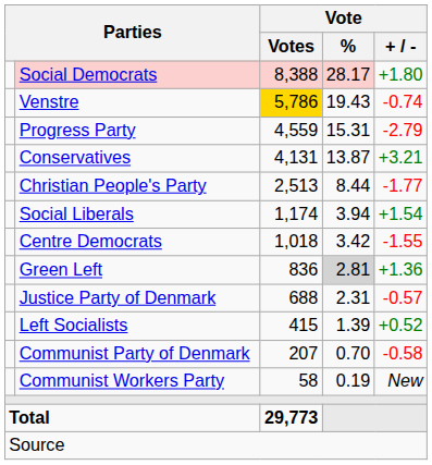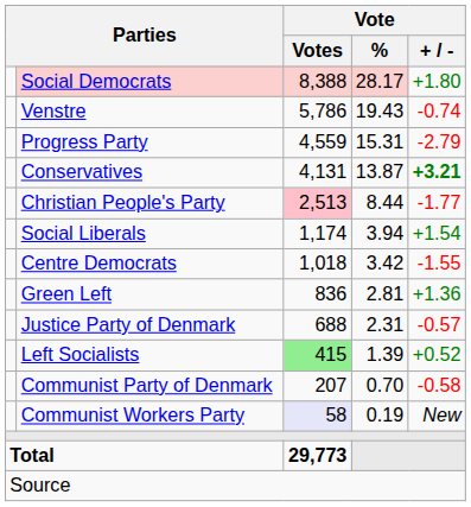 <table class="wikitable" style="text-align:right;">
 <tr>
 <th style="text-align:centre;" rowspan="2" colspan="2" width="225">Parties</th>
 <th colspan="3">Vote</th>
 </tr>
 <tr>
 <th width="15">Votes</th>
 <th width="15">%</th>
 <th width="15">+ / -</th>
 </tr>
 <tr>
 <td width="2" style="color:inherit;background:"></td>
 <td bgcolor=#fbd0ce  align="left"><a href='#'>Social Democrats</a></td>
 <td bgcolor=#fbd0ce>8,388</td>
 <td bgcolor=#fbd0ce>28.17</td>
 <td style=color:green;>+1.80</td>
 </tr>
 <tr>
 <td width="2" style="color:inherit;background:"></td>
 <td align="left"><a href='#'>Venstre</a></td>
-<td style="background: gold;">5,786</td>
+<td>5,786</td>
 <td>19.43</td>
 <td style=color:red;>-0.74</td>
 </tr>
 <tr>
 <td width="2" style="color:inherit;background:"></td>
 <td align="left"><a href='#'>Progress Party</a></td>
 <td>4,559</td>
 <td>15.31</td>
 <td style=color:red;>-2.79</td>
 </tr>
 <tr>
 <td width="2" style="color:inherit;background:"></td>
 <td align="left"><a href='#'>Conservatives</a></td>
 <td>4,131</td>
 <td>13.87</td>
-<td style=color:green;>+3.21</td>
+<td style=color:green;><strong>+3.21</strong></td>
 </tr>
 <tr>
 <td width="2" style="color:inherit;background:"></td>
 <td align="left"><a href='#'>Christian People's Party</a></td>
-<td>2,513</td>
+<td style="background: pink;">2,513</td>
 <td>8.44</td>
 <td style=color:red;>-1.77</td>
 </tr>
 <tr>
 <td width="2" style="color:inherit;background:"></td>
 <td align="left"><a href='#'>Social Liberals</a></td>
 <td>1,174</td>
 <td>3.94</td>
 <td style=color:green;>+1.54</td>
 </tr>
 <tr>
 <td width="2" style="color:inherit;background:"></td>
 <td align="left"><a href='#'>Centre Democrats</a></td>
 <td>1,018</td>
 <td>3.42</td>
 <td style=color:red;>-1.55</td>
 </tr>
 <tr>
 <td width="2" style="color:inherit;background:"></td>
 <td align="left"><a href='#'>Green Left</a></td>
 <td>836</td>
-<td style="background: lightgrey;">2.81</td>
+<td>2.81</td>
 <td style=color:green;>+1.36</td>
 </tr>
 <tr>
 <td width="2" style="color:inherit;background:"></td>
 <td align="left"><a href='#'>Justice Party of Denmark</a></td>
 <td>688</td>
 <td>2.31</td>
 <td style=color:red;>-0.57</td>
 </tr>
 <tr>
 <td width="2" style="color:inherit;background:"></td>
 <td align="left"><a href='#'>Left Socialists</a></td>
-<td>415</td>
+<td style="background: lightgreen;">415</td>
 <td>1.39</td>
 <td style=color:green;>+0.52</td>
 </tr>
 <tr>
 <td width="2" style="color:inherit;background:"></td>
 <td align="left"><a href='#'>Communist Party of Denmark</a></td>
 <td>207</td>
 <td>0.70</td>
 <td style=color:red;>-0.58</td>
 </tr>
 <tr>
 <td width="2" style="color:inherit;background:"></td>
 <td align="left"><a href='#'>Communist Workers Party</a></td>
-<td>58</td>
+<td style="background: lavender;">58</td>
 <td>0.19</td>
 <td><em>New</em></td>
 </tr>
 <tr>
 <td colspan="7" bgcolor="#E9E9E9"></td>
 </tr>
 <tr>
 <td align="left" colspan="2"><strong>Total</strong></td>
 <td><strong>29,773</strong></td>
 <td bgcolor="#E9E9E9" colspan="2"></td>
 </tr>
 <tr>
 <td align="left" colspan="6">Source</td>
 </tr>
 </table>
